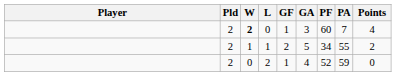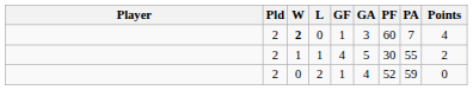 <table class=wikitable style="text-align:center">
 <tr>
 <th width=320>Player</th>
 <th width=20>Pld</th>
 <th width=20>W</th>
 <th width=20>L</th>
 <th width=20>GF</th>
 <th width=20>GA</th>
 <th width=20>PF</th>
 <th width=20>PA</th>
 <th width=50>Points</th>
 </tr>
 <tr>
 <td align=left></td>
 <td>2</td>
 <td><strong>2</strong></td>
 <td>0</td>
 <td>1</td>
 <td>3</td>
 <td>60</td>
 <td>7</td>
 <td>4</td>
 </tr>
 <tr>
 <td align=left></td>
 <td>2</td>
 <td>1</td>
 <td>1</td>
-<td>2</td>
+<td>4</td>
 <td>5</td>
-<td>34</td>
+<td>30</td>
 <td>55</td>
 <td>2</td>
 </tr>
 <tr>
 <td align=left></td>
 <td>2</td>
 <td>0</td>
 <td>2</td>
 <td>1</td>
 <td>4</td>
 <td>52</td>
 <td>59</td>
 <td>0</td>
 </tr>
 </table>
